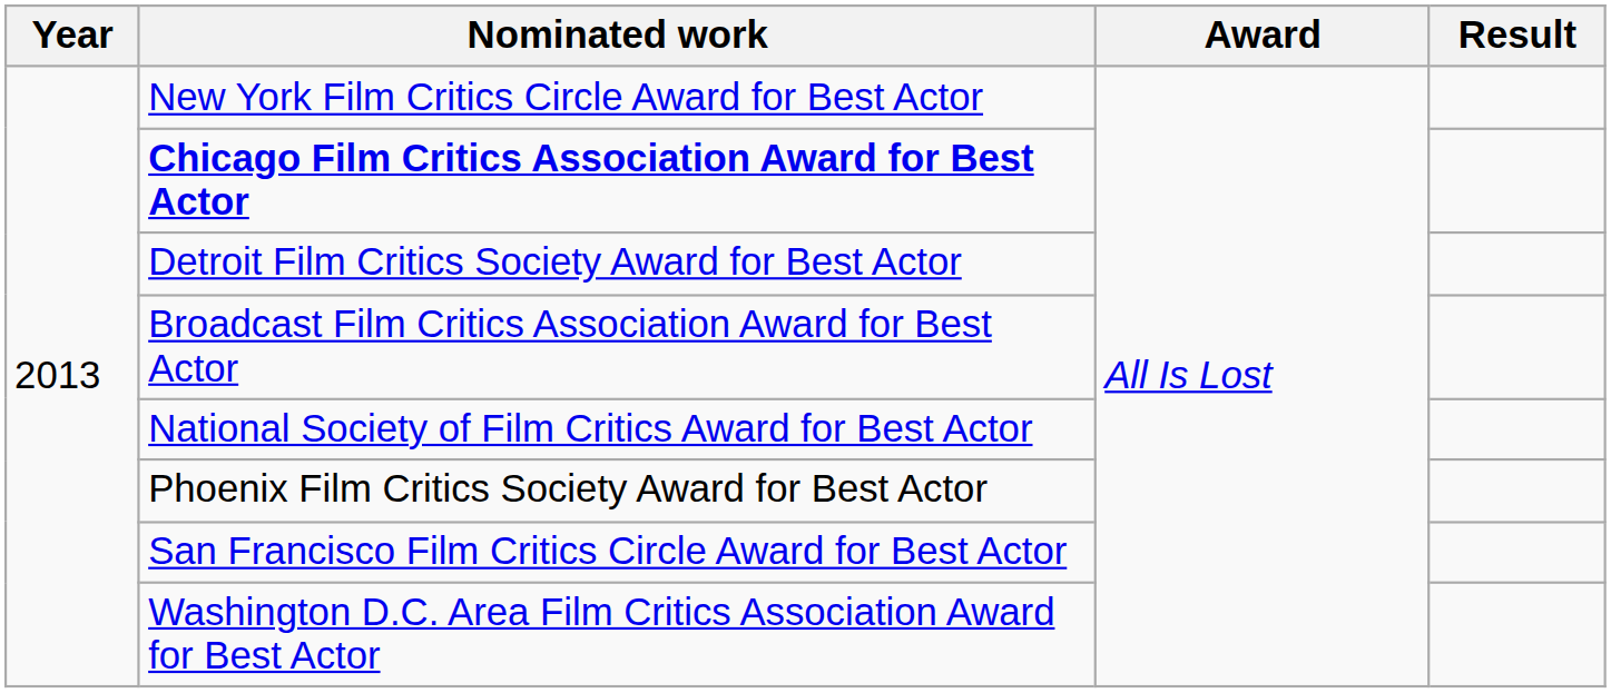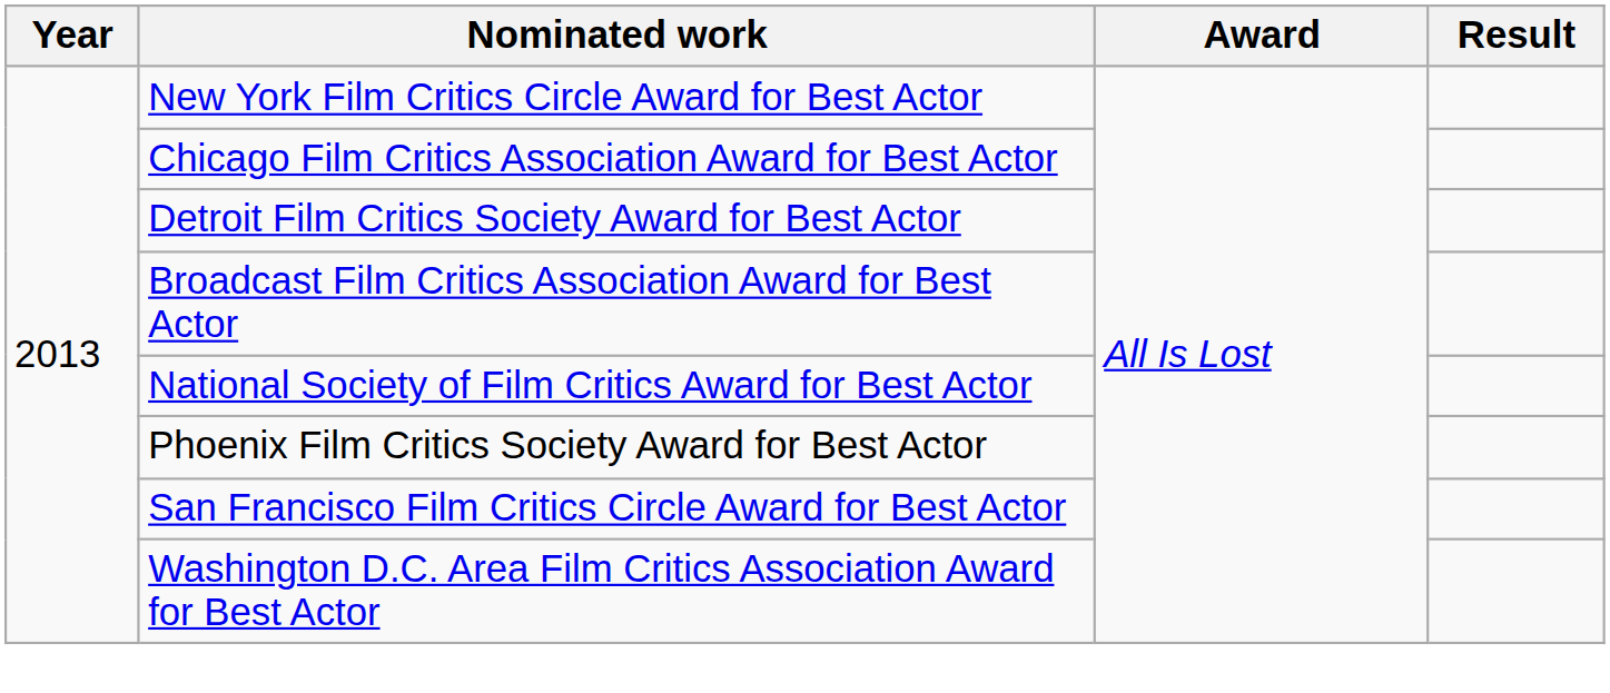 <table width="75%" class="wikitable">
 <tr>
 <th width="10">Year</th>
 <th width="300">Nominated work</th>
 <th width="100">Award</th>
 <th width="30">Result</th>
 </tr>
 <tr>
 <td rowspan="8">2013</td>
 <td><a href='#'>New York Film Critics Circle Award for Best Actor</a></td>
 <td rowspan="8"><em><a href='#'>All Is Lost</a></em></td>
 <td></td>
 </tr>
 <tr>
-<td><strong><a href='#'>Chicago Film Critics Association Award for Best Actor</a></strong></td>
+<td><a href='#'>Chicago Film Critics Association Award for Best Actor</a></td>
 <td></td>
 </tr>
 <tr>
 <td><a href='#'>Detroit Film Critics Society Award for Best Actor</a></td>
 <td></td>
 </tr>
 <tr>
 <td><a href='#'>Broadcast Film Critics Association Award for Best Actor</a></td>
 <td></td>
 </tr>
 <tr>
 <td><a href='#'>National Society of Film Critics Award for Best Actor</a></td>
 <td></td>
 </tr>
 <tr>
 <td>Phoenix Film Critics Society Award for Best Actor</td>
 <td></td>
 </tr>
 <tr>
 <td><a href='#'>San Francisco Film Critics Circle Award for Best Actor</a></td>
 <td></td>
 </tr>
 <tr>
 <td><a href='#'>Washington D.C. Area Film Critics Association Award for Best Actor</a></td>
 <td></td>
 </tr>
 </table>
